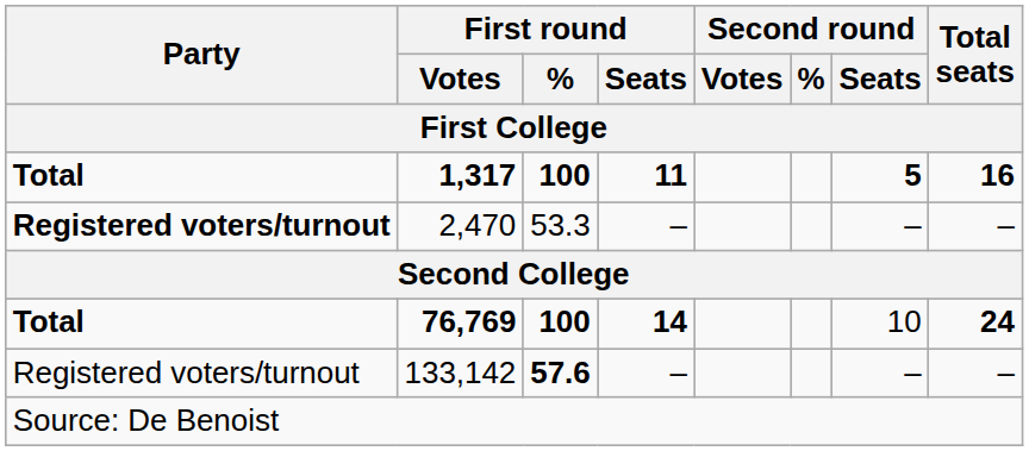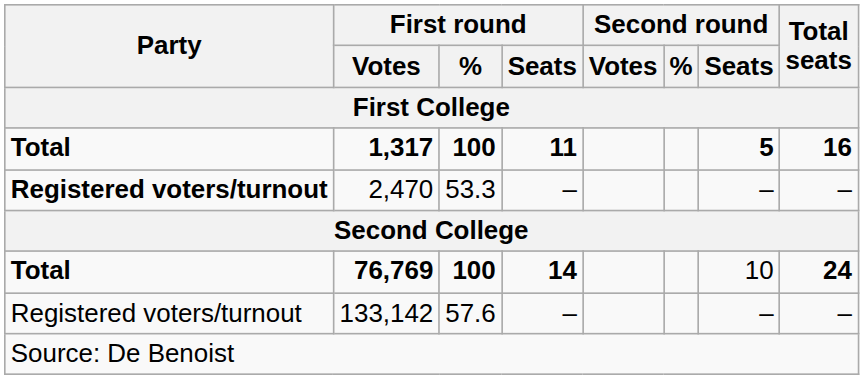 <table class=wikitable style=text-align:right>
 <tr>
 <th rowspan=2>Party</th>
 <th colspan=3>First round</th>
 <th colspan=3>Second round</th>
 <th rowspan=2>Total<br>seats</th>
 </tr>
 <tr>
 <th>Votes</th>
 <th>%</th>
 <th>Seats</th>
 <th>Votes</th>
 <th>%</th>
 <th>Seats</th>
 </tr>
 <tr>
 <th colspan=8>First College</th>
 </tr>
 <tr>
 <td align=left><strong>Total</strong></td>
 <td><strong>1,317</strong></td>
 <td><strong>100</strong></td>
 <td><strong>11</strong></td>
 <td></td>
 <td></td>
 <td><strong>5</strong></td>
 <td><strong>16</strong></td>
 </tr>
 <tr>
 <td align=left><strong>Registered voters/turnout</strong></td>
 <td>2,470</td>
 <td>53.3</td>
 <td>–</td>
 <td></td>
 <td></td>
 <td>–</td>
 <td>–</td>
 </tr>
 <tr>
 <th colspan=8>Second College</th>
 </tr>
 <tr>
 <td align=left><strong>Total</strong></td>
 <td><strong>76,769</strong></td>
 <td><strong>100</strong></td>
 <td><strong>14</strong></td>
 <td></td>
 <td></td>
 <td>10</td>
 <td><strong>24</strong></td>
 </tr>
 <tr>
 <td align=left>Registered voters/turnout</td>
 <td>133,142</td>
-<td><strong>57.6</strong></td>
+<td>57.6</td>
 <td>–</td>
 <td></td>
 <td></td>
 <td>–</td>
 <td>–</td>
 </tr>
 <tr>
 <td align=left colspan=8>Source: De Benoist</td>
 </tr>
 </table>
